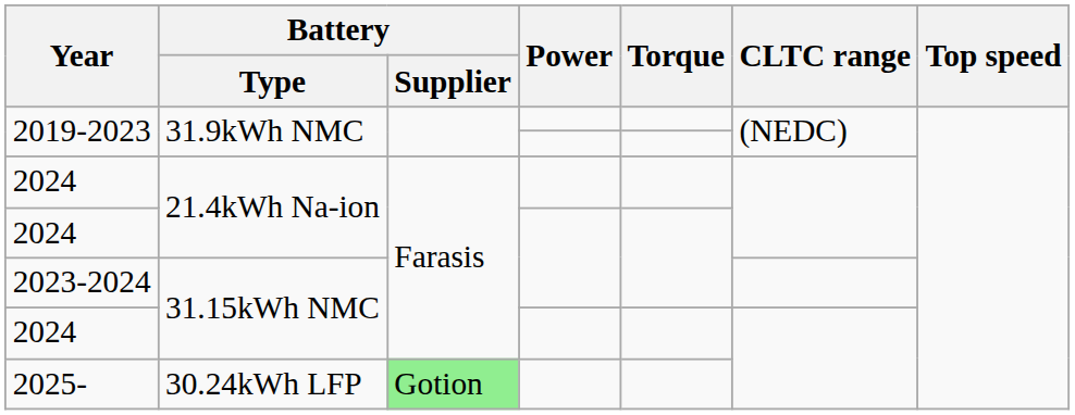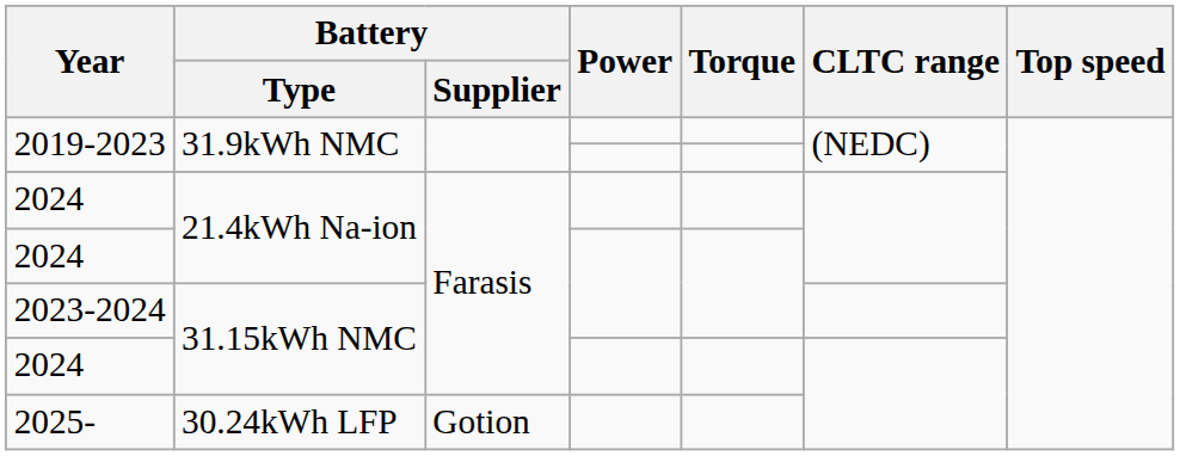 <table class="wikitable">
 <tr>
 <th rowspan="2">Year</th>
 <th colspan="2">Battery</th>
 <th rowspan="2">Power</th>
 <th rowspan="2">Torque</th>
 <th rowspan="2">CLTC range</th>
 <th rowspan="2">Top speed</th>
 </tr>
 <tr>
 <th>Type</th>
 <th>Supplier</th>
 </tr>
 <tr>
 <td rowspan="2">2019-2023</td>
 <td rowspan="2">31.9kWh NMC</td>
 <td rowspan="2"></td>
 <td></td>
 <td></td>
 <td rowspan="2"> (NEDC)</td>
 <td rowspan="7"></td>
 </tr>
 <tr>
 <td></td>
 <td></td>
 </tr>
 <tr>
 <td>2024</td>
 <td rowspan="2">21.4kWh Na-ion</td>
 <td rowspan="4">Farasis</td>
 <td></td>
 <td></td>
 <td rowspan="2"></td>
 </tr>
 <tr>
 <td>2024</td>
 <td rowspan="2"></td>
 <td rowspan="2"></td>
 </tr>
 <tr>
 <td>2023-2024</td>
 <td rowspan="2">31.15kWh NMC</td>
 <td></td>
 </tr>
 <tr>
 <td>2024</td>
 <td></td>
 <td></td>
 <td rowspan="2"></td>
 </tr>
 <tr>
 <td>2025-</td>
 <td>30.24kWh LFP</td>
-<td style="background: lightgreen;">Gotion</td>
+<td>Gotion</td>
 <td></td>
 <td></td>
 </tr>
 </table>
